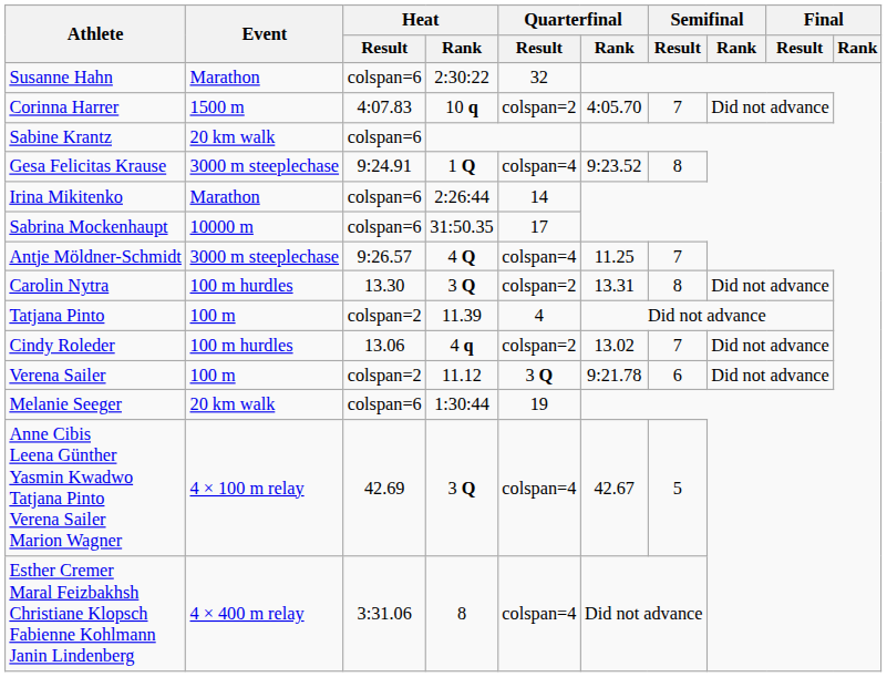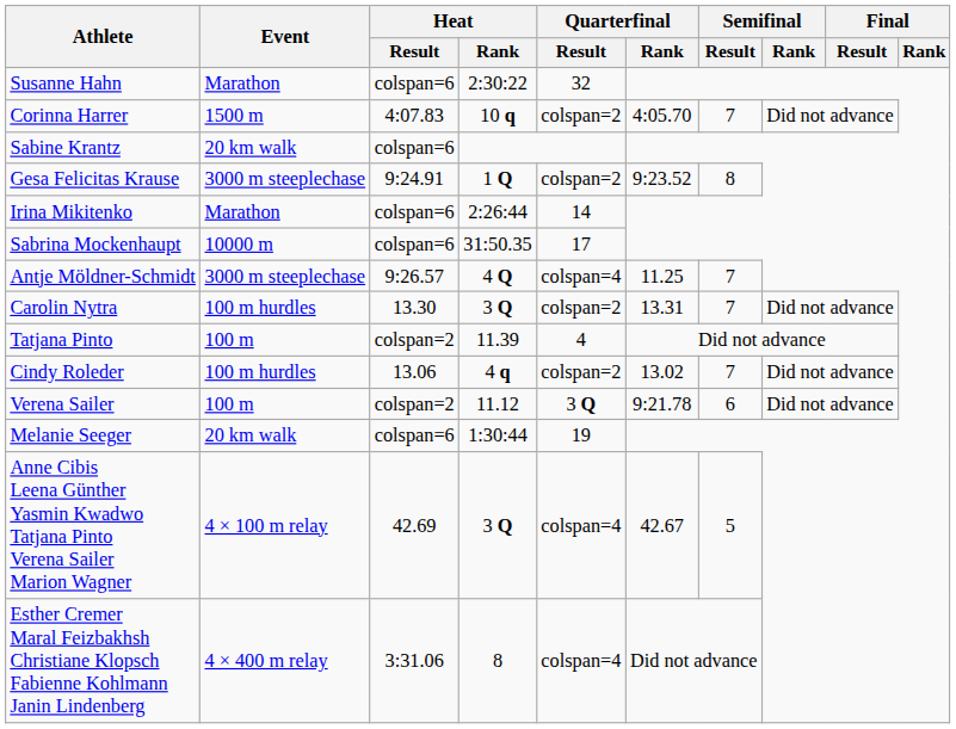 <table class="wikitable" style="font-size:90%">
 <tr>
 <th rowspan="2">Athlete</th>
 <th rowspan="2">Event</th>
 <th colspan="2">Heat</th>
 <th colspan="2">Quarterfinal</th>
 <th colspan="2">Semifinal</th>
 <th colspan="2">Final</th>
 </tr>
 <tr style="font-size:95%">
 <th>Result</th>
 <th>Rank</th>
 <th>Result</th>
 <th>Rank</th>
 <th>Result</th>
 <th>Rank</th>
 <th>Result</th>
 <th>Rank</th>
 </tr>
 <tr align=center>
 <td align=left><a href='#'>Susanne Hahn</a></td>
 <td align=left><a href='#'>Marathon</a></td>
 <td>colspan=6 </td>
 <td>2:30:22</td>
 <td>32</td>
 </tr>
 <tr align=center>
 <td align=left><a href='#'>Corinna Harrer</a></td>
 <td align=left><a href='#'>1500 m</a></td>
 <td>4:07.83</td>
 <td>10 <strong>q</strong></td>
 <td>colspan=2 </td>
 <td>4:05.70</td>
 <td>7</td>
 <td colspan=2 align=center>Did not advance</td>
 </tr>
 <tr align=center>
 <td align=left><a href='#'>Sabine Krantz</a></td>
 <td align=left><a href='#'>20 km walk</a></td>
 <td>colspan=6 </td>
 <td colspan=2 align=center></td>
 </tr>
 <tr align=center>
 <td align=left><a href='#'>Gesa Felicitas Krause</a></td>
 <td align=left><a href='#'>3000 m steeplechase</a></td>
 <td>9:24.91</td>
 <td>1 <strong>Q</strong></td>
-<td>colspan=4 </td>
+<td>colspan=2 </td>
 <td>9:23.52</td>
 <td>8</td>
 </tr>
 <tr align=center>
 <td align=left><a href='#'>Irina Mikitenko</a></td>
 <td align=left><a href='#'>Marathon</a></td>
 <td>colspan=6 </td>
 <td>2:26:44</td>
 <td>14</td>
 </tr>
 <tr align=center>
 <td align=left><a href='#'>Sabrina Mockenhaupt</a></td>
 <td align=left><a href='#'>10000 m</a></td>
 <td>colspan=6 </td>
 <td>31:50.35</td>
 <td>17</td>
 </tr>
 <tr align=center>
 <td align=left><a href='#'>Antje Möldner-Schmidt</a></td>
 <td align=left><a href='#'>3000 m steeplechase</a></td>
 <td>9:26.57</td>
 <td>4 <strong>Q</strong></td>
 <td>colspan=4 </td>
 <td>11.25</td>
 <td>7</td>
 </tr>
 <tr align=center>
 <td align=left><a href='#'>Carolin Nytra</a></td>
 <td align=left><a href='#'>100 m hurdles</a></td>
 <td>13.30</td>
 <td>3 <strong>Q</strong></td>
 <td>colspan=2 </td>
 <td>13.31</td>
-<td>8</td>
+<td>7</td>
 <td colspan=2 align=center>Did not advance</td>
 </tr>
 <tr align=center>
 <td align=left><a href='#'>Tatjana Pinto</a></td>
 <td align=left><a href='#'>100 m</a></td>
 <td>colspan=2 </td>
 <td>11.39</td>
 <td>4</td>
 <td colspan=4 align=center>Did not advance</td>
 </tr>
 <tr align=center>
 <td align=left><a href='#'>Cindy Roleder</a></td>
 <td align=left><a href='#'>100 m hurdles</a></td>
 <td>13.06</td>
 <td>4 <strong>q</strong></td>
 <td>colspan=2 </td>
 <td>13.02</td>
 <td>7</td>
 <td colspan=2 align=center>Did not advance</td>
 </tr>
 <tr align=center>
 <td align=left><a href='#'>Verena Sailer</a></td>
 <td align=left><a href='#'>100 m</a></td>
 <td>colspan=2 </td>
 <td>11.12</td>
 <td>3 <strong>Q</strong></td>
 <td>9:21.78</td>
 <td>6</td>
 <td colspan=2 align=center>Did not advance</td>
 </tr>
 <tr align=center>
 <td align=left><a href='#'>Melanie Seeger</a></td>
 <td align=left><a href='#'>20 km walk</a></td>
 <td>colspan=6 </td>
 <td>1:30:44</td>
 <td>19</td>
 </tr>
 <tr align=center>
 <td align=left><a href='#'>Anne Cibis</a><br><a href='#'>Leena Günther</a><br><a href='#'>Yasmin Kwadwo</a><br><a href='#'>Tatjana Pinto</a><br><a href='#'>Verena Sailer</a><br><a href='#'>Marion Wagner</a></td>
 <td align=left><a href='#'>4 × 100 m relay</a></td>
 <td>42.69</td>
 <td>3 <strong>Q</strong></td>
 <td>colspan=4 </td>
 <td>42.67</td>
 <td>5</td>
 </tr>
 <tr align=center>
 <td align=left><a href='#'>Esther Cremer</a><br><a href='#'>Maral Feizbakhsh</a><br><a href='#'>Christiane Klopsch</a><br><a href='#'>Fabienne Kohlmann</a><br><a href='#'>Janin Lindenberg</a></td>
 <td align=left><a href='#'>4 × 400 m relay</a></td>
 <td>3:31.06</td>
 <td>8</td>
 <td>colspan=4 </td>
 <td colspan=2>Did not advance</td>
 </tr>
 </table>
